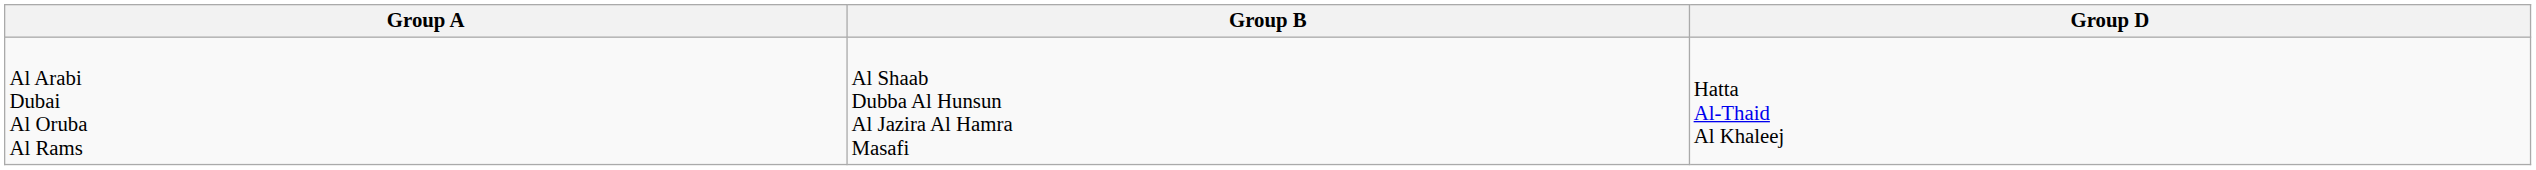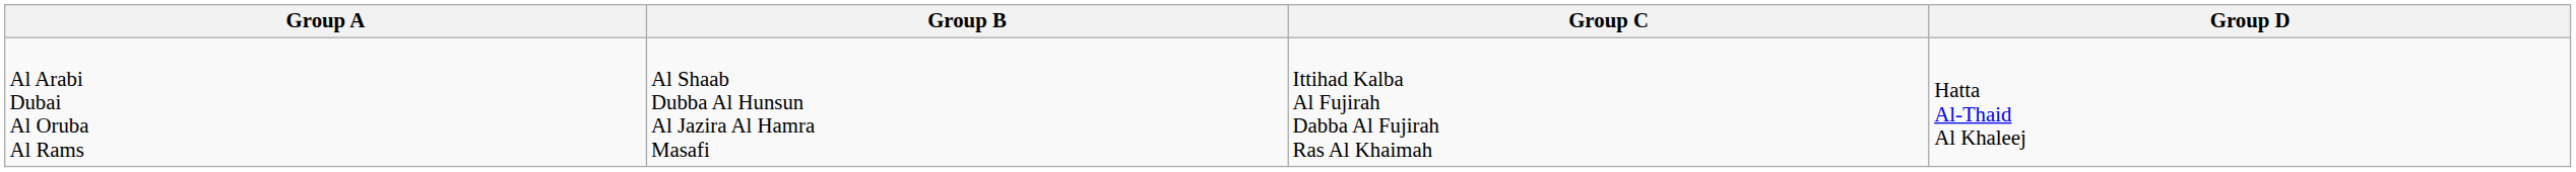 <table class="wikitable" style="width:98%;">
 <tr>
 <th width=20%>Group A</th>
 <th width=20%>Group B</th>
+<th width=20%>Group C</th>
 <th width=20%>Group D</th>
 </tr>
 <tr>
 <td><br>Al Arabi <br> Dubai <br> Al Oruba <br> Al Rams<br></td>
 <td><br>Al Shaab <br> Dubba Al Hunsun <br> Al Jazira Al Hamra <br> Masafi  <br></td>
+<td><br>Ittihad Kalba <br> Al Fujirah <br> Dabba Al Fujirah <br> Ras Al Khaimah  <br></td>
 <td><br>Hatta <br> <a href='#'>Al-Thaid</a> <br> Al Khaleej <br></td>
 </tr>
 </table>
